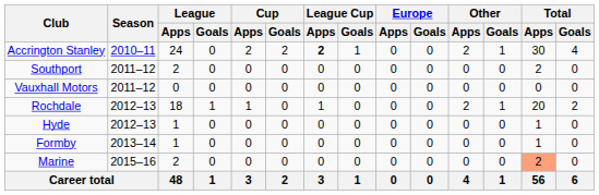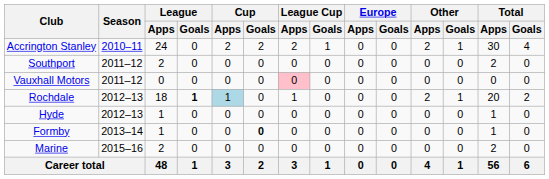 <table class="wikitable" style="text-align:center">
 <tr>
 <th rowspan="2">Club</th>
 <th rowspan="2">Season</th>
 <th colspan="2">League</th>
 <th colspan="2">Cup</th>
 <th colspan="2">League Cup</th>
 <th colspan="2"><a href='#'>Europe</a></th>
 <th colspan="2">Other</th>
 <th colspan="2">Total</th>
 </tr>
 <tr>
 <th>Apps</th>
 <th>Goals</th>
 <th>Apps</th>
 <th>Goals</th>
 <th>Apps</th>
 <th>Goals</th>
 <th>Apps</th>
 <th>Goals</th>
 <th>Apps</th>
 <th>Goals</th>
 <th>Apps</th>
 <th>Goals</th>
 </tr>
 <tr>
 <td><a href='#'>Accrington Stanley</a></td>
 <td><a href='#'>2010–11</a></td>
 <td>24</td>
 <td>0</td>
 <td>2</td>
 <td>2</td>
-<td><strong>2</strong></td>
+<td>2</td>
 <td>1</td>
 <td>0</td>
 <td>0</td>
 <td>2</td>
 <td>1</td>
 <td>30</td>
 <td>4</td>
 </tr>
 <tr>
 <td><a href='#'>Southport</a></td>
 <td>2011–12</td>
 <td>2</td>
 <td>0</td>
 <td>0</td>
 <td>0</td>
 <td>0</td>
 <td>0</td>
 <td>0</td>
 <td>0</td>
 <td>0</td>
 <td>0</td>
 <td>2</td>
 <td>0</td>
 </tr>
 <tr>
 <td><a href='#'>Vauxhall Motors</a></td>
 <td>2011–12</td>
 <td>0</td>
 <td>0</td>
 <td>0</td>
 <td>0</td>
-<td>0</td>
+<td style="background: pink;">0</td>
 <td>0</td>
 <td>0</td>
 <td>0</td>
 <td>0</td>
 <td>0</td>
 <td>0</td>
 <td>0</td>
 </tr>
 <tr>
 <td><a href='#'>Rochdale</a></td>
 <td>2012–13</td>
 <td>18</td>
-<td>1</td>
-<td>1</td>
+<td><strong>1</strong></td>
+<td style="background: lightblue;">1</td>
 <td>0</td>
 <td>1</td>
 <td>0</td>
 <td>0</td>
 <td>0</td>
 <td>2</td>
 <td>1</td>
 <td>20</td>
 <td>2</td>
 </tr>
 <tr>
 <td><a href='#'>Hyde</a></td>
 <td>2012–13</td>
 <td>1</td>
 <td>0</td>
 <td>0</td>
 <td>0</td>
 <td>0</td>
 <td>0</td>
 <td>0</td>
 <td>0</td>
 <td>0</td>
 <td>0</td>
 <td>1</td>
 <td>0</td>
 </tr>
 <tr>
 <td><a href='#'>Formby</a></td>
 <td>2013–14</td>
 <td>1</td>
 <td>0</td>
 <td>0</td>
-<td>0</td>
+<td><strong>0</strong></td>
 <td>0</td>
 <td>0</td>
 <td>0</td>
 <td>0</td>
 <td>0</td>
 <td>0</td>
 <td>1</td>
 <td>0</td>
 </tr>
 <tr>
 <td><a href='#'>Marine</a></td>
 <td>2015–16</td>
 <td>2</td>
 <td>0</td>
 <td>0</td>
 <td>0</td>
 <td>0</td>
 <td>0</td>
 <td>0</td>
 <td>0</td>
 <td>0</td>
 <td>0</td>
-<td style="background: lightsalmon;">2</td>
+<td>2</td>
 <td>0</td>
 </tr>
 <tr>
 <th colspan="2">Career total</th>
 <th>48</th>
 <th>1</th>
 <th>3</th>
 <th>2</th>
 <th>3</th>
 <th>1</th>
 <th>0</th>
 <th>0</th>
 <th>4</th>
 <th>1</th>
 <th>56</th>
 <th>6</th>
 </tr>
 </table>
